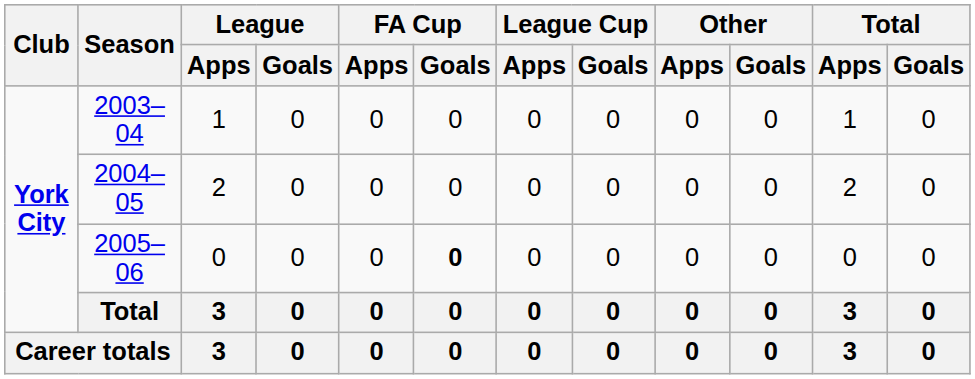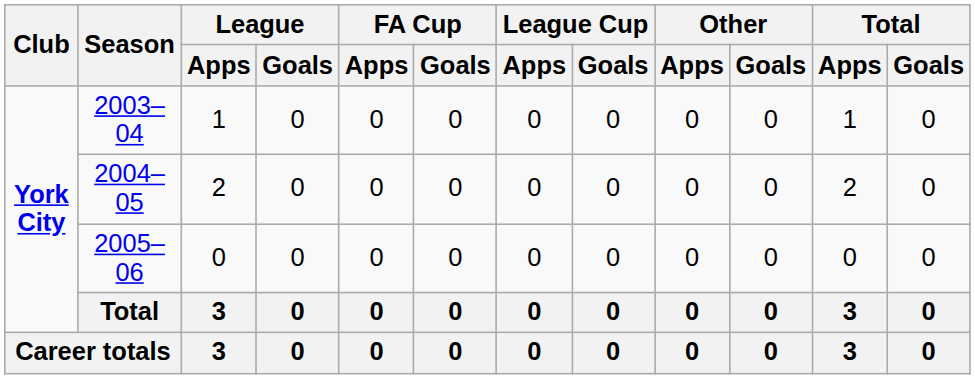 <table class="wikitable" style="text-align: center;">
 <tr>
 <th rowspan="2">Club</th>
 <th rowspan="2">Season</th>
 <th colspan="2">League</th>
 <th colspan="2">FA Cup</th>
 <th colspan="2">League Cup</th>
 <th colspan="2">Other</th>
 <th colspan="2">Total</th>
 </tr>
 <tr>
 <th>Apps</th>
 <th>Goals</th>
 <th>Apps</th>
 <th>Goals</th>
 <th>Apps</th>
 <th>Goals</th>
 <th>Apps</th>
 <th>Goals</th>
 <th>Apps</th>
 <th>Goals</th>
 </tr>
 <tr>
 <td rowspan="4" valign="center"><strong><a href='#'>York City</a></strong></td>
 <td><a href='#'>2003–04</a></td>
 <td>1</td>
 <td>0</td>
 <td>0</td>
 <td>0</td>
 <td>0</td>
 <td>0</td>
 <td>0</td>
 <td>0</td>
 <td>1</td>
 <td>0</td>
 </tr>
 <tr>
 <td><a href='#'>2004–05</a></td>
 <td>2</td>
 <td>0</td>
 <td>0</td>
 <td>0</td>
 <td>0</td>
 <td>0</td>
 <td>0</td>
 <td>0</td>
 <td>2</td>
 <td>0</td>
 </tr>
 <tr>
 <td><a href='#'>2005–06</a></td>
 <td>0</td>
 <td>0</td>
 <td>0</td>
-<td><strong>0</strong></td>
+<td>0</td>
 <td>0</td>
 <td>0</td>
 <td>0</td>
 <td>0</td>
 <td>0</td>
 <td>0</td>
 </tr>
 <tr>
 <th>Total</th>
 <th>3</th>
 <th>0</th>
 <th>0</th>
 <th>0</th>
 <th>0</th>
 <th>0</th>
 <th>0</th>
 <th>0</th>
 <th>3</th>
 <th>0</th>
 </tr>
 <tr>
 <th colspan="2">Career totals</th>
 <th>3</th>
 <th>0</th>
 <th>0</th>
 <th>0</th>
 <th>0</th>
 <th>0</th>
 <th>0</th>
 <th>0</th>
 <th>3</th>
 <th>0</th>
 </tr>
 </table>
